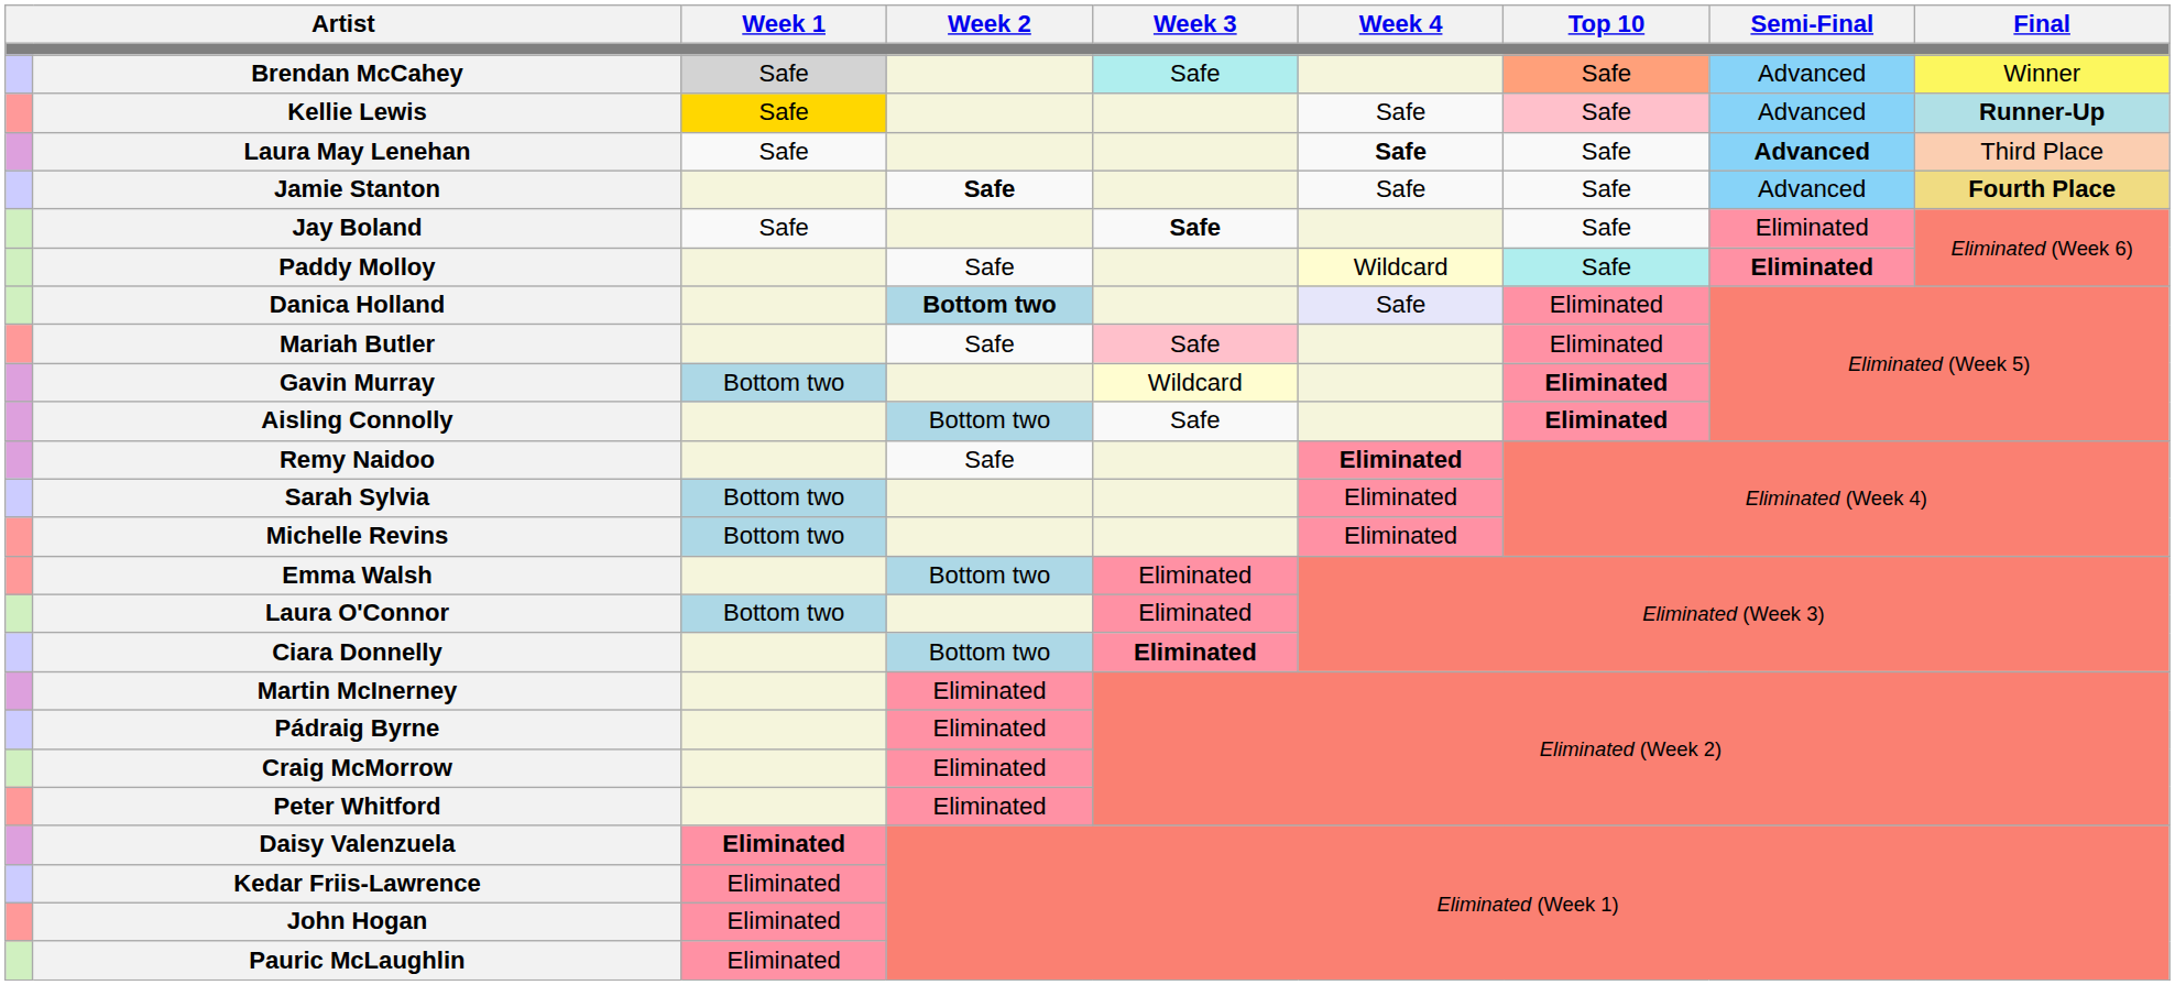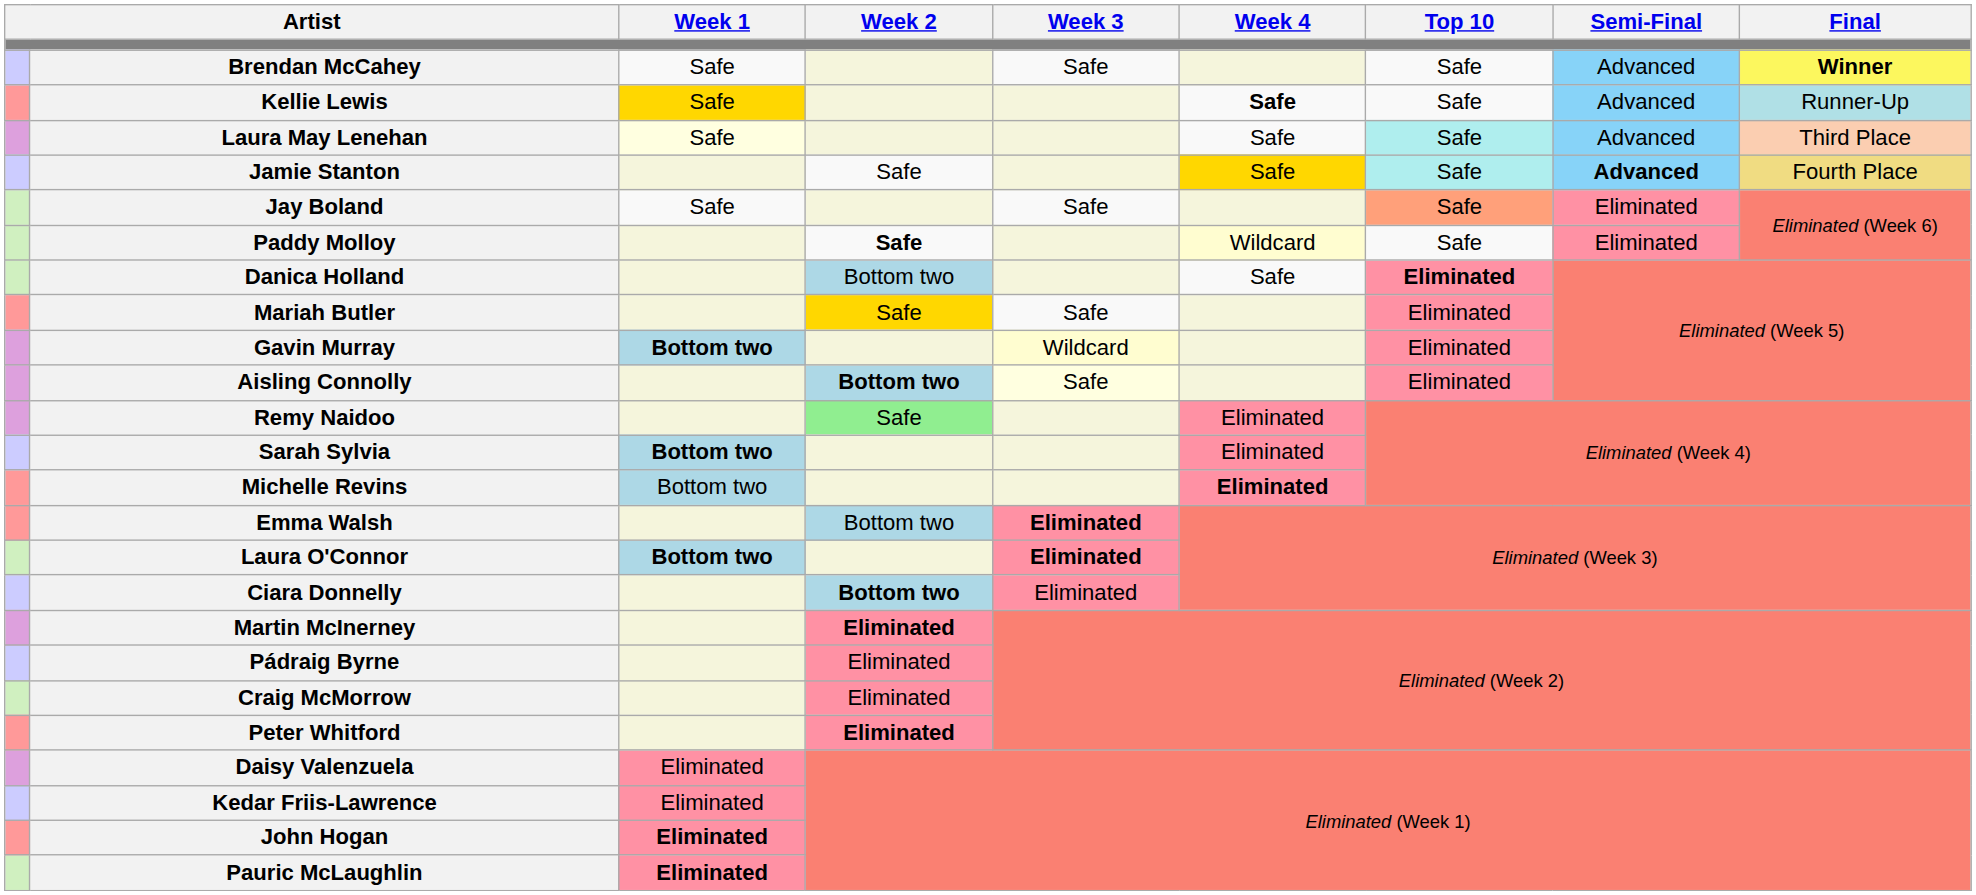 <table class="wikitable plainrowheaders" style="text-align:center; width:90%;" font-size:100%;">
 <tr>
 <th colspan="2">Artist</th>
 <th style="width:8em;"><a href='#'>Week 1</a></th>
 <th style="width:8em;"><a href='#'>Week 2</a></th>
 <th style="width:8em;"><a href='#'>Week 3</a></th>
 <th style="width:8em;"><a href='#'>Week 4</a></th>
 <th style="width:8em;"><a href='#'>Top 10</a></th>
 <th style="width:8em;"><a href='#'>Semi-Final</a></th>
 <th style="width:10em;"><a href='#'>Final</a></th>
 </tr>
 <tr>
 <th colspan="12" style="background:grey;"></th>
 </tr>
 <tr>
 <td style="background:#ccf;"></td>
 <th>Brendan McCahey</th>
-<td style="background: lightgrey;">Safe</td>
+<td>Safe</td>
 <td style="background:#F5F5DC"></td>
-<td style="background: paleturquoise;">Safe</td>
+<td>Safe</td>
 <td style="background:#F5F5DC"></td>
-<td style="background: lightsalmon;">Safe</td>
+<td>Safe</td>
 <td style="background:#87D3F8">Advanced</td>
-<td style="background:#FCF75E">Winner</td>
+<td style="background:#FCF75E"><strong>Winner</strong></td>
 </tr>
 <tr>
 <td style="background:#ff9999;"></td>
 <th>Kellie Lewis</th>
 <td style="background: gold;">Safe</td>
 <td style="background:#F5F5DC"></td>
 <td style="background:#F5F5DC"></td>
+<td><strong>Safe</strong></td>
 <td>Safe</td>
-<td style="background: pink;">Safe</td>
 <td style="background:#87D3F8">Advanced</td>
-<td style="background:#B0E0E6"><strong>Runner-Up</strong></td>
+<td style="background:#B0E0E6">Runner-Up</td>
 </tr>
 <tr>
 <td style="background:#dda0dd;"></td>
 <th>Laura May Lenehan</th>
-<td>Safe</td>
+<td style="background: lightyellow;">Safe</td>
 <td style="background:#F5F5DC"></td>
 <td style="background:#F5F5DC"></td>
-<td><strong>Safe</strong></td>
 <td>Safe</td>
-<td style="background:#87D3F8"><strong>Advanced</strong></td>
+<td style="background: paleturquoise;">Safe</td>
+<td style="background:#87D3F8">Advanced</td>
 <td style="background:#FBCEB1">Third Place</td>
 </tr>
 <tr>
 <td style="background:#ccf;"></td>
 <th>Jamie Stanton</th>
 <td style="background:#F5F5DC"></td>
-<td><strong>Safe</strong></td>
+<td>Safe</td>
 <td style="background:#F5F5DC"></td>
-<td>Safe</td>
-<td>Safe</td>
-<td style="background:#87D3F8">Advanced</td>
-<td style="background:#F0DC82"><strong>Fourth Place</strong></td>
+<td style="background: gold;">Safe</td>
+<td style="background: paleturquoise;">Safe</td>
+<td style="background:#87D3F8"><strong>Advanced</strong></td>
+<td style="background:#F0DC82">Fourth Place</td>
 </tr>
 <tr>
 <td style="background:#d0f0c0;"></td>
 <th>Jay Boland</th>
 <td>Safe</td>
 <td style="background:#F5F5DC"></td>
-<td><strong>Safe</strong></td>
+<td>Safe</td>
 <td style="background:#F5F5DC"></td>
-<td>Safe</td>
+<td style="background: lightsalmon;">Safe</td>
 <td style="background:#FF91A4">Eliminated</td>
 <td colspan="2" rowspan="2" style="background:salmon"><small><em>Eliminated</em> (Week 6)</small></td>
 </tr>
 <tr>
 <td style="background:#d0f0c0;"></td>
 <th>Paddy Molloy</th>
 <td style="background:#F5F5DC"></td>
-<td>Safe</td>
+<td><strong>Safe</strong></td>
 <td style="background:#F5F5DC"></td>
 <td style="background:#FFFDD0">Wildcard</td>
-<td style="background: paleturquoise;">Safe</td>
-<td style="background:#FF91A4"><strong>Eliminated</strong></td>
+<td>Safe</td>
+<td style="background:#FF91A4">Eliminated</td>
 </tr>
 <tr>
 <td style="background:#d0f0c0;"></td>
 <th>Danica Holland</th>
 <td style="background:#F5F5DC"></td>
-<td style="background:lightblue;"><strong>Bottom two</strong></td>
+<td style="background:lightblue;">Bottom two</td>
 <td style="background:#F5F5DC"></td>
-<td style="background: lavender;">Safe</td>
-<td style="background:#FF91A4">Eliminated</td>
+<td>Safe</td>
+<td style="background:#FF91A4"><strong>Eliminated</strong></td>
 <td colspan="3" rowspan="4" style="background:salmon"><small><em>Eliminated</em> (Week 5)</small></td>
 </tr>
 <tr>
 <td style="background:#ff9999;"></td>
 <th>Mariah Butler</th>
 <td style="background:#F5F5DC"></td>
+<td style="background: gold;">Safe</td>
 <td>Safe</td>
-<td style="background: pink;">Safe</td>
 <td style="background:#F5F5DC"></td>
 <td style="background:#FF91A4">Eliminated</td>
 </tr>
 <tr>
 <td style="background:#dda0dd;"></td>
 <th>Gavin Murray</th>
-<td style="background:lightblue;">Bottom two</td>
+<td style="background:lightblue;"><strong>Bottom two</strong></td>
 <td style="background:#F5F5DC"></td>
 <td style="background:#FFFDD0">Wildcard</td>
 <td style="background:#F5F5DC"></td>
-<td style="background:#FF91A4"><strong>Eliminated</strong></td>
+<td style="background:#FF91A4">Eliminated</td>
 </tr>
 <tr>
 <td style="background:#dda0dd;"></td>
 <th>Aisling Connolly</th>
 <td style="background:#F5F5DC"></td>
-<td style="background:lightblue;">Bottom two</td>
-<td>Safe</td>
+<td style="background:lightblue;"><strong>Bottom two</strong></td>
+<td style="background: lightyellow;">Safe</td>
 <td style="background:#F5F5DC"></td>
-<td style="background:#FF91A4"><strong>Eliminated</strong></td>
+<td style="background:#FF91A4">Eliminated</td>
 </tr>
 <tr>
 <td style="background:#dda0dd;"></td>
 <th>Remy Naidoo</th>
 <td style="background:#F5F5DC"></td>
-<td>Safe</td>
+<td style="background: lightgreen;">Safe</td>
 <td style="background:#F5F5DC"></td>
-<td style="background:#FF91A4"><strong>Eliminated</strong></td>
+<td style="background:#FF91A4">Eliminated</td>
 <td colspan="4" rowspan="3" style="background:salmon"><small><em>Eliminated</em> (Week 4)</small></td>
 </tr>
 <tr>
 <td style="background:#ccf;"></td>
 <th>Sarah Sylvia</th>
-<td style="background:lightblue;">Bottom two</td>
+<td style="background:lightblue;"><strong>Bottom two</strong></td>
 <td style="background:#F5F5DC"></td>
 <td style="background:#F5F5DC"></td>
 <td style="background:#FF91A4">Eliminated</td>
 </tr>
 <tr>
 <td style="background:#ff9999;"></td>
 <th>Michelle Revins</th>
 <td style="background:lightblue;">Bottom two</td>
 <td style="background:#F5F5DC"></td>
 <td style="background:#F5F5DC"></td>
-<td style="background:#FF91A4">Eliminated</td>
+<td style="background:#FF91A4"><strong>Eliminated</strong></td>
 </tr>
 <tr>
 <td style="background:#ff9999;"></td>
 <th>Emma Walsh</th>
 <td style="background:#F5F5DC"></td>
 <td style="background:lightblue;">Bottom two</td>
-<td style="background:#FF91A4">Eliminated</td>
+<td style="background:#FF91A4"><strong>Eliminated</strong></td>
 <td colspan="4" rowspan="3" style="background:salmon"><small><em>Eliminated</em> (Week 3)</small></td>
 </tr>
 <tr>
 <td style="background:#d0f0c0;"></td>
 <th>Laura O'Connor</th>
-<td style="background:lightblue;">Bottom two</td>
+<td style="background:lightblue;"><strong>Bottom two</strong></td>
 <td style="background:#F5F5DC"></td>
-<td style="background:#FF91A4">Eliminated</td>
+<td style="background:#FF91A4"><strong>Eliminated</strong></td>
 </tr>
 <tr>
 <td style="background:#ccf;"></td>
 <th>Ciara Donnelly</th>
 <td style="background:#F5F5DC"></td>
-<td style="background:lightblue;">Bottom two</td>
-<td style="background:#FF91A4"><strong>Eliminated</strong></td>
+<td style="background:lightblue;"><strong>Bottom two</strong></td>
+<td style="background:#FF91A4">Eliminated</td>
 </tr>
 <tr>
 <td style="background:#dda0dd;"></td>
 <th>Martin McInerney</th>
 <td style="background:#F5F5DC"></td>
-<td style="background:#FF91A4">Eliminated</td>
+<td style="background:#FF91A4"><strong>Eliminated</strong></td>
 <td colspan="5" rowspan="4" style="background:salmon"><small><em>Eliminated</em> (Week 2)</small></td>
 </tr>
 <tr>
 <td style="background:#ccf;"></td>
 <th>Pádraig Byrne</th>
 <td style="background:#F5F5DC"></td>
 <td style="background:#FF91A4">Eliminated</td>
 </tr>
 <tr>
 <td style="background:#d0f0c0;"></td>
 <th>Craig McMorrow</th>
 <td style="background:#F5F5DC"></td>
 <td style="background:#FF91A4">Eliminated</td>
 </tr>
 <tr>
 <td style="background:#ff9999;"></td>
 <th>Peter Whitford</th>
 <td style="background:#F5F5DC"></td>
-<td style="background:#FF91A4">Eliminated</td>
+<td style="background:#FF91A4"><strong>Eliminated</strong></td>
 </tr>
 <tr>
 <td style="background:#dda0dd;"></td>
 <th>Daisy Valenzuela</th>
-<td style="background:#FF91A4"><strong>Eliminated</strong></td>
+<td style="background:#FF91A4">Eliminated</td>
 <td colspan="6" rowspan="4" style="background:salmon"><small><em>Eliminated</em> (Week 1)</small></td>
 </tr>
 <tr>
 <td style="background:#ccf;"></td>
 <th>Kedar Friis-Lawrence</th>
 <td style="background:#FF91A4">Eliminated</td>
 </tr>
 <tr>
 <td style="background:#ff9999;"></td>
 <th>John Hogan</th>
-<td style="background:#FF91A4">Eliminated</td>
+<td style="background:#FF91A4"><strong>Eliminated</strong></td>
 </tr>
 <tr>
 <td style="background:#d0f0c0;"></td>
 <th>Pauric McLaughlin</th>
-<td style="background:#FF91A4">Eliminated</td>
+<td style="background:#FF91A4"><strong>Eliminated</strong></td>
 </tr>
 </table>
